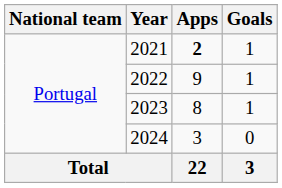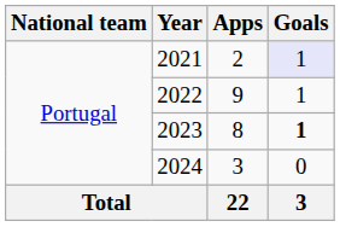 <table class="wikitable" style="text-align:center">
 <tr>
 <th>National team</th>
 <th>Year</th>
 <th>Apps</th>
 <th>Goals</th>
 </tr>
 <tr>
 <td rowspan="4"><a href='#'>Portugal</a></td>
 <td>2021</td>
-<td><strong>2</strong></td>
-<td>1</td>
+<td>2</td>
+<td style="background: lavender;">1</td>
 </tr>
 <tr>
 <td>2022</td>
 <td>9</td>
 <td>1</td>
 </tr>
 <tr>
 <td>2023</td>
 <td>8</td>
-<td>1</td>
+<td><strong>1</strong></td>
 </tr>
 <tr>
 <td>2024</td>
 <td>3</td>
 <td>0</td>
 </tr>
 <tr>
 <th colspan="2">Total</th>
 <th>22</th>
 <th>3</th>
 </tr>
 </table>
